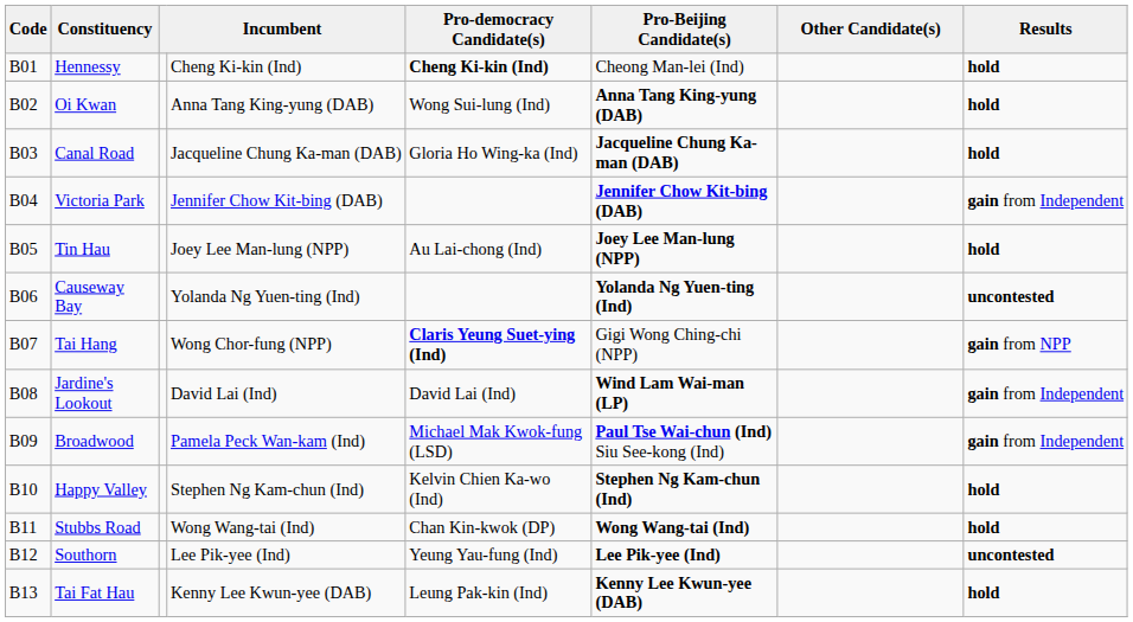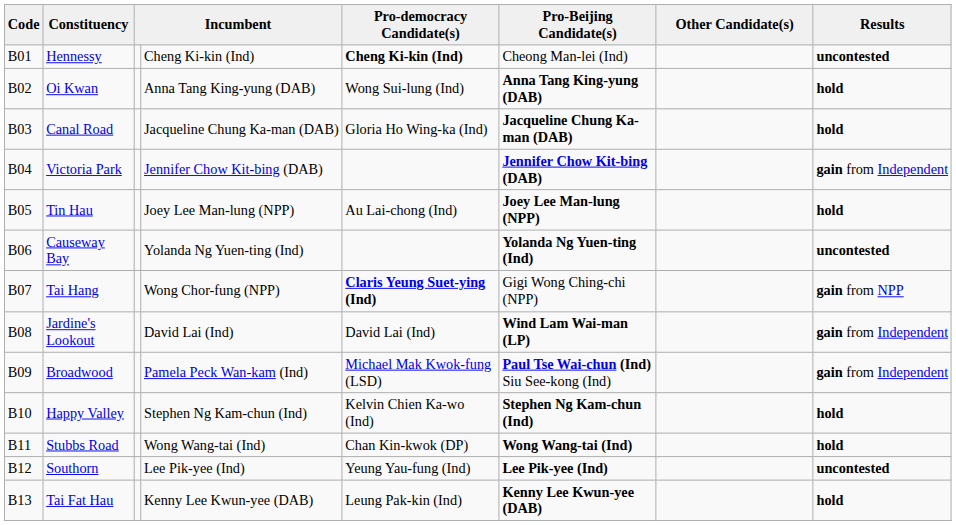 <table class="wikitable sortable" style="font-size: 95%;">
 <tr>
 <th align="center" style="background:#f0f0f0;" width="20px"><strong>Code</strong></th>
 <th align="center" style="background:#f0f0f0;" width="90px"><strong>Constituency</strong></th>
 <th align="center" style="background:#f0f0f0;" width="120px" colspan=2><strong>Incumbent</strong></th>
 <th align="center" style="background:#f0f0f0;" width="160px"><strong>Pro-democracy Candidate(s)</strong></th>
 <th align="center" style="background:#f0f0f0;" width="160px"><strong>Pro-Beijing Candidate(s)</strong></th>
 <th align="center" style="background:#f0f0f0;" width="160px"><strong>Other Candidate(s)</strong></th>
 <th align="center" style="background:#f0f0f0;" width="100px" colspan="2"><strong>Results</strong></th>
 </tr>
 <tr>
 <td>B01</td>
 <td><a href='#'>Hennessy</a></td>
 <td></td>
 <td>Cheng Ki-kin (Ind)</td>
 <td><strong>Cheng Ki-kin (Ind)</strong></td>
 <td>Cheong Man-lei (Ind)</td>
 <td></td>
-<td> <strong>hold</strong></td>
+<td> <strong>uncontested</strong></td>
 </tr>
 <tr>
 <td>B02</td>
 <td><a href='#'>Oi Kwan</a></td>
 <td></td>
 <td>Anna Tang King-yung (DAB)</td>
 <td>Wong Sui-lung (Ind)</td>
 <td><strong>Anna Tang King-yung (DAB)</strong></td>
 <td></td>
 <td> <strong>hold</strong></td>
 </tr>
 <tr>
 <td>B03</td>
 <td><a href='#'>Canal Road</a></td>
 <td></td>
 <td>Jacqueline Chung Ka-man (DAB)</td>
 <td>Gloria Ho Wing-ka (Ind)</td>
 <td><strong>Jacqueline Chung Ka-man (DAB)</strong></td>
 <td></td>
 <td> <strong>hold</strong></td>
 </tr>
 <tr>
 <td>B04</td>
 <td><a href='#'>Victoria Park</a></td>
 <td></td>
 <td><a href='#'>Jennifer Chow Kit-bing</a> (DAB)</td>
 <td></td>
 <td><strong><a href='#'>Jennifer Chow Kit-bing</a> (DAB)</strong></td>
 <td></td>
 <td> <strong>gain</strong> from <a href='#'>Independent</a></td>
 </tr>
 <tr>
 <td>B05</td>
 <td><a href='#'>Tin Hau</a></td>
 <td></td>
 <td>Joey Lee Man-lung (NPP)</td>
 <td>Au Lai-chong (Ind)</td>
 <td><strong>Joey Lee Man-lung (NPP)</strong></td>
 <td></td>
 <td> <strong>hold</strong></td>
 </tr>
 <tr>
 <td>B06</td>
 <td><a href='#'>Causeway Bay</a></td>
 <td></td>
 <td>Yolanda Ng Yuen-ting (Ind)</td>
 <td></td>
 <td><strong>Yolanda Ng Yuen-ting (Ind)</strong></td>
 <td></td>
 <td> <strong>uncontested</strong></td>
 </tr>
 <tr>
 <td>B07</td>
 <td><a href='#'>Tai Hang</a></td>
 <td></td>
 <td>Wong Chor-fung (NPP)</td>
 <td><strong><a href='#'>Claris Yeung Suet-ying</a> (Ind)</strong></td>
 <td>Gigi Wong Ching-chi (NPP)</td>
 <td></td>
 <td> <strong>gain</strong> from <a href='#'>NPP</a></td>
 </tr>
 <tr>
 <td>B08</td>
 <td><a href='#'>Jardine's Lookout</a></td>
 <td></td>
 <td>David Lai (Ind)</td>
 <td>David Lai (Ind)</td>
 <td><strong>Wind Lam Wai-man (LP)</strong></td>
 <td></td>
 <td> <strong>gain</strong> from <a href='#'>Independent</a></td>
 </tr>
 <tr>
 <td>B09</td>
 <td><a href='#'>Broadwood</a></td>
 <td></td>
 <td><a href='#'>Pamela Peck Wan-kam</a> (Ind)</td>
 <td><a href='#'>Michael Mak Kwok-fung</a> (LSD)</td>
 <td><strong><a href='#'>Paul Tse Wai-chun</a> (Ind)</strong><br>Siu See-kong (Ind)</td>
 <td></td>
 <td> <strong>gain</strong> from <a href='#'>Independent</a></td>
 </tr>
 <tr>
 <td>B10</td>
 <td><a href='#'>Happy Valley</a></td>
 <td></td>
 <td>Stephen Ng Kam-chun (Ind)</td>
 <td>Kelvin Chien Ka-wo (Ind)</td>
 <td><strong>Stephen Ng Kam-chun (Ind)</strong></td>
 <td></td>
 <td> <strong>hold</strong></td>
 </tr>
 <tr>
 <td>B11</td>
 <td><a href='#'>Stubbs Road</a></td>
 <td></td>
 <td>Wong Wang-tai (Ind)</td>
 <td>Chan Kin-kwok (DP)</td>
 <td><strong>Wong Wang-tai (Ind)</strong></td>
 <td></td>
 <td> <strong>hold</strong></td>
 </tr>
 <tr>
 <td>B12</td>
 <td><a href='#'>Southorn</a></td>
 <td></td>
 <td>Lee Pik-yee (Ind)</td>
 <td>Yeung Yau-fung (Ind)</td>
 <td><strong>Lee Pik-yee (Ind)</strong></td>
 <td></td>
 <td> <strong>uncontested</strong></td>
 </tr>
 <tr>
 <td>B13</td>
 <td><a href='#'>Tai Fat Hau</a></td>
 <td></td>
 <td>Kenny Lee Kwun-yee (DAB)</td>
 <td>Leung Pak-kin (Ind)</td>
 <td><strong>Kenny Lee Kwun-yee (DAB)</strong></td>
 <td></td>
 <td> <strong>hold</strong></td>
 </tr>
 </table>
